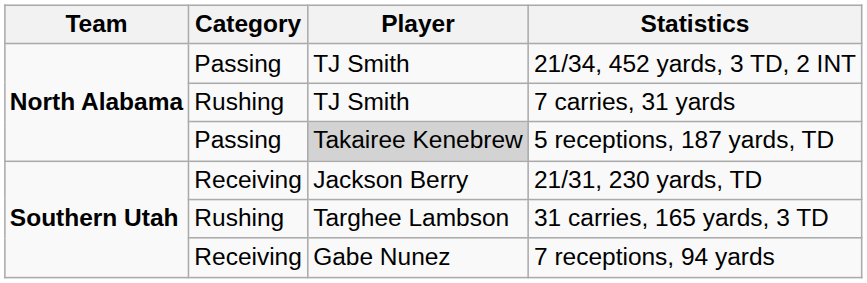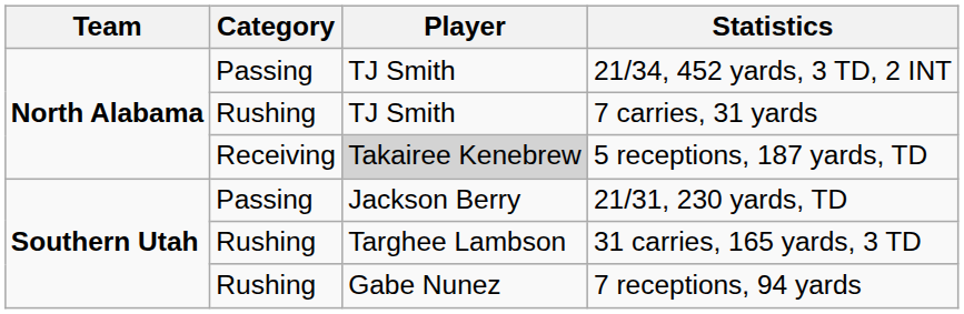 <table class="wikitable" style="float: right;">
 <tr>
 <th>Team</th>
 <th>Category</th>
 <th>Player</th>
 <th>Statistics</th>
 </tr>
 <tr>
 <td rowspan=3><strong>North Alabama</strong></td>
 <td>Passing</td>
 <td>TJ Smith</td>
 <td>21/34, 452 yards, 3 TD, 2 INT</td>
 </tr>
 <tr>
 <td>Rushing</td>
 <td>TJ Smith</td>
 <td>7 carries, 31 yards</td>
 </tr>
 <tr>
-<td>Passing</td>
+<td>Receiving</td>
 <td style="background: lightgrey;">Takairee Kenebrew</td>
 <td>5 receptions, 187 yards, TD</td>
 </tr>
 <tr>
 <td rowspan=3><strong>Southern Utah</strong></td>
-<td>Receiving</td>
+<td>Passing</td>
 <td>Jackson Berry</td>
 <td>21/31, 230 yards, TD</td>
 </tr>
 <tr>
 <td>Rushing</td>
 <td>Targhee Lambson</td>
 <td>31 carries, 165 yards, 3 TD</td>
 </tr>
 <tr>
-<td>Receiving</td>
+<td>Rushing</td>
 <td>Gabe Nunez</td>
 <td>7 receptions, 94 yards</td>
 </tr>
 </table>
